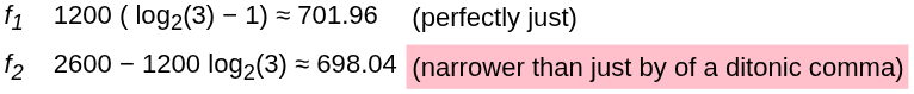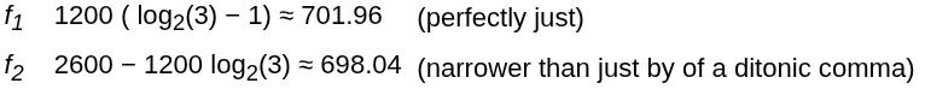 <table border="0" cellpadding="3" cellspacing="3" align="center">
 <tr>
 <td><em>f<sub>1</sub></em></td>
 <td></td>
 <td>1200 ( log<sub>2</sub>(3) − 1) ≈ 701.96</td>
 <td>(perfectly just)</td>
 </tr>
 <tr>
 <td><em>f<sub>2</sub></em></td>
 <td></td>
 <td>2600 − 1200 log<sub>2</sub>(3) ≈ 698.04</td>
-<td style="background: pink;">(narrower than just by   of a ditonic comma)</td>
+<td>(narrower than just by   of a ditonic comma)</td>
 </tr>
 </table>
